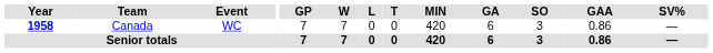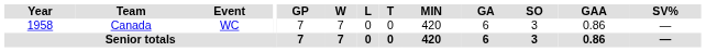 <table border="0" cellpadding="1" cellspacing="0" ID="Table3" style="text-align:center; width:60em">
 <tr ALIGN="center" bgcolor="#e0e0e0">
 <th>Year</th>
 <th>Team</th>
 <th>Event</th>
 <th rowspan="99" bgcolor="#ffffff"></th>
 <th>GP</th>
 <th>W</th>
 <th>L</th>
 <th>T</th>
 <th>MIN</th>
 <th>GA</th>
 <th>SO</th>
 <th>GAA</th>
 <th>SV%</th>
 </tr>
 <tr>
-<td><strong><a href='#'>1958</a></strong></td>
+<td><a href='#'>1958</a></td>
 <td><a href='#'>Canada</a></td>
 <td><a href='#'>WC</a></td>
 <td>7</td>
 <td>7</td>
 <td>0</td>
 <td>0</td>
 <td>420</td>
 <td>6</td>
 <td>3</td>
 <td>0.86</td>
 <td>—</td>
 </tr>
 <tr bgcolor="#e0e0e0">
 <th colspan=4>Senior totals</th>
 <th>7</th>
 <th>7</th>
 <th>0</th>
 <th>0</th>
 <th>420</th>
 <th>6</th>
 <th>3</th>
 <th>0.86</th>
 <th>—</th>
 </tr>
 </table>
